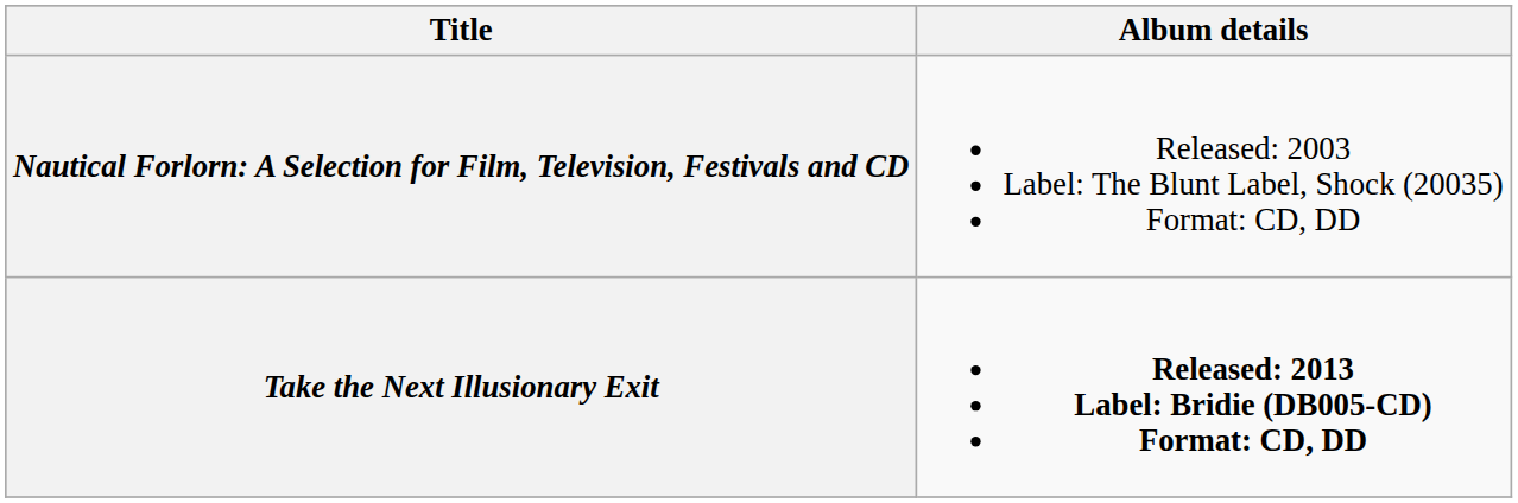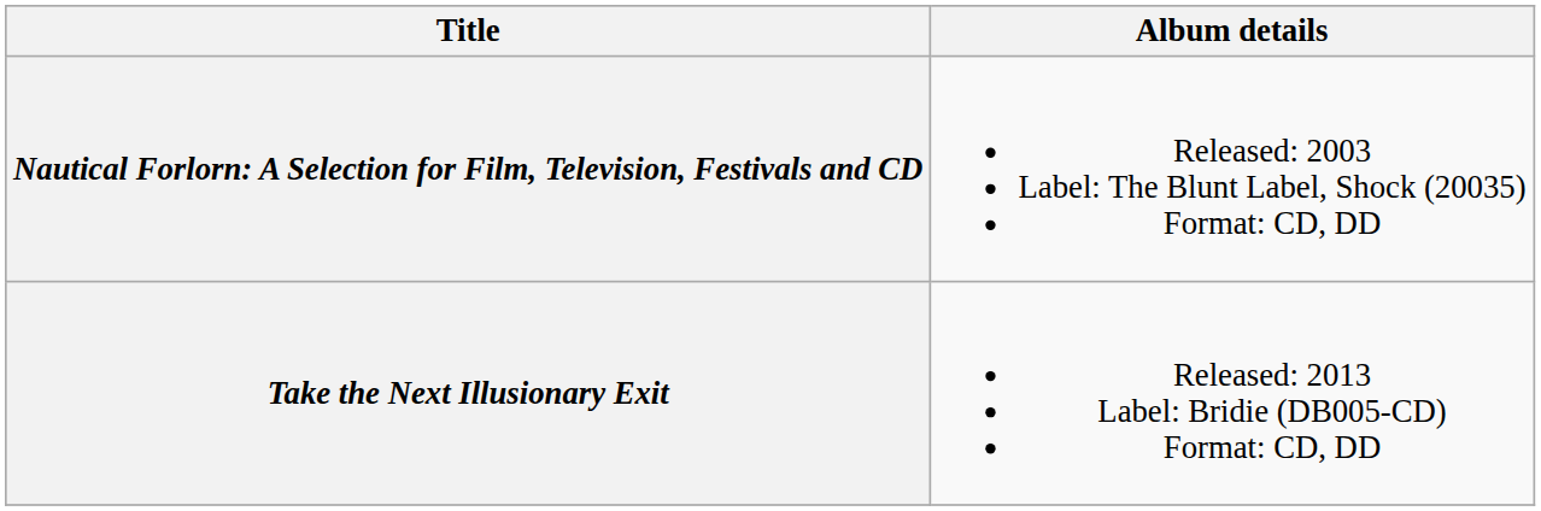 <table class="wikitable plainrowheaders" style="text-align:center;">
 <tr>
 <th>Title</th>
 <th>Album details</th>
 </tr>
 <tr>
 <th scope="row"><em>Nautical Forlorn: A Selection for Film, Television, Festivals and CD</em></th>
 <td><br><ul><li>Released: 2003</li><li>Label: The Blunt Label, Shock (20035)</li><li>Format: CD, DD</li></ul></td>
 </tr>
 <tr>
 <th scope="row"><em>Take the Next Illusionary Exit</em></th>
-<td><strong><br><ul><li>Released: 2013</li><li>Label: Bridie (DB005-CD)</li><li>Format: CD, DD</li></ul></strong></td>
+<td><br><ul><li>Released: 2013</li><li>Label: Bridie (DB005-CD)</li><li>Format: CD, DD</li></ul></td>
 </tr>
 </table>
